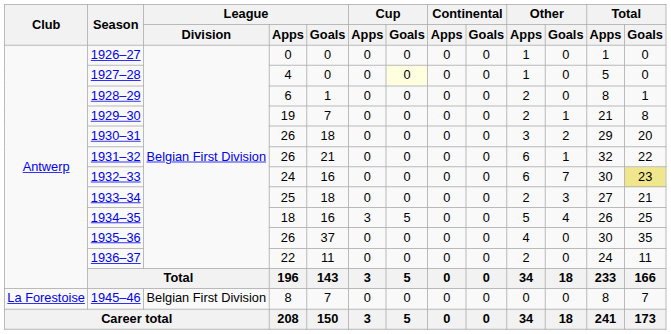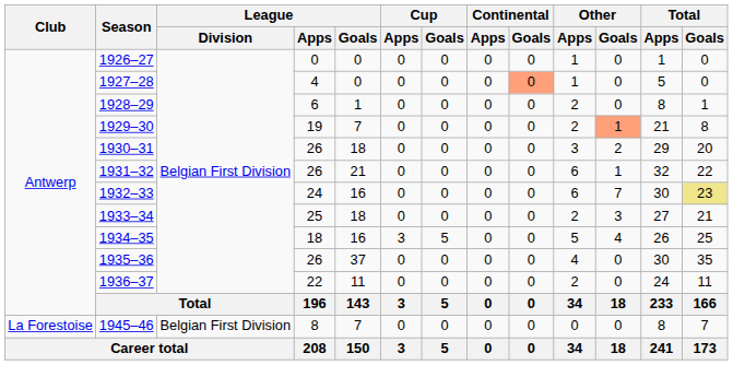 <table class="wikitable" style="text-align:center">
 <tr>
 <th rowspan="2">Club</th>
 <th rowspan="2">Season</th>
 <th colspan="3">League</th>
 <th colspan="2">Cup</th>
 <th colspan="2">Continental</th>
 <th colspan="2">Other</th>
 <th colspan="2">Total</th>
 </tr>
 <tr>
 <th>Division</th>
 <th>Apps</th>
 <th>Goals</th>
 <th>Apps</th>
 <th>Goals</th>
 <th>Apps</th>
 <th>Goals</th>
 <th>Apps</th>
 <th>Goals</th>
 <th>Apps</th>
 <th>Goals</th>
 </tr>
 <tr>
 <td rowspan=12 align=center><a href='#'>Antwerp</a></td>
 <td><a href='#'>1926–27</a></td>
 <td rowspan=11><a href='#'>Belgian First Division</a></td>
 <td>0</td>
 <td>0</td>
 <td>0</td>
 <td>0</td>
 <td>0</td>
 <td>0</td>
 <td>1</td>
 <td>0</td>
 <td>1</td>
 <td>0</td>
 </tr>
 <tr>
 <td><a href='#'>1927–28</a></td>
 <td>4</td>
 <td>0</td>
 <td>0</td>
-<td style="background: lightyellow;">0</td>
 <td>0</td>
 <td>0</td>
+<td style="background: lightsalmon;">0</td>
 <td>1</td>
 <td>0</td>
 <td>5</td>
 <td>0</td>
 </tr>
 <tr>
 <td><a href='#'>1928–29</a></td>
 <td>6</td>
 <td>1</td>
 <td>0</td>
 <td>0</td>
 <td>0</td>
 <td>0</td>
 <td>2</td>
 <td>0</td>
 <td>8</td>
 <td>1</td>
 </tr>
 <tr>
 <td><a href='#'>1929–30</a></td>
 <td>19</td>
 <td>7</td>
 <td>0</td>
 <td>0</td>
 <td>0</td>
 <td>0</td>
 <td>2</td>
-<td>1</td>
+<td style="background: lightsalmon;">1</td>
 <td>21</td>
 <td>8</td>
 </tr>
 <tr>
 <td><a href='#'>1930–31</a></td>
 <td>26</td>
 <td>18</td>
 <td>0</td>
 <td>0</td>
 <td>0</td>
 <td>0</td>
 <td>3</td>
 <td>2</td>
 <td>29</td>
 <td>20</td>
 </tr>
 <tr>
 <td><a href='#'>1931–32</a></td>
 <td>26</td>
 <td>21</td>
 <td>0</td>
 <td>0</td>
 <td>0</td>
 <td>0</td>
 <td>6</td>
 <td>1</td>
 <td>32</td>
 <td>22</td>
 </tr>
 <tr>
 <td align=center><a href='#'>1932–33</a></td>
 <td>24</td>
 <td>16</td>
 <td>0</td>
 <td>0</td>
 <td>0</td>
 <td>0</td>
 <td>6</td>
 <td>7</td>
 <td>30</td>
 <td style="background: khaki;">23</td>
 </tr>
 <tr>
 <td><a href='#'>1933–34</a></td>
 <td>25</td>
 <td>18</td>
 <td>0</td>
 <td>0</td>
 <td>0</td>
 <td>0</td>
 <td>2</td>
 <td>3</td>
 <td>27</td>
 <td>21</td>
 </tr>
 <tr>
 <td><a href='#'>1934–35</a></td>
 <td>18</td>
 <td>16</td>
 <td>3</td>
 <td>5</td>
 <td>0</td>
 <td>0</td>
 <td>5</td>
 <td>4</td>
 <td>26</td>
 <td>25</td>
 </tr>
 <tr>
 <td><a href='#'>1935–36</a></td>
 <td>26</td>
 <td>37</td>
 <td>0</td>
 <td>0</td>
 <td>0</td>
 <td>0</td>
 <td>4</td>
 <td>0</td>
 <td>30</td>
 <td>35</td>
 </tr>
 <tr>
 <td><a href='#'>1936–37</a></td>
 <td>22</td>
 <td>11</td>
 <td>0</td>
 <td>0</td>
 <td>0</td>
 <td>0</td>
 <td>2</td>
 <td>0</td>
 <td>24</td>
 <td>11</td>
 </tr>
 <tr>
 <th colspan=2>Total</th>
 <th>196</th>
 <th>143</th>
 <th>3</th>
 <th>5</th>
 <th>0</th>
 <th>0</th>
 <th>34</th>
 <th>18</th>
 <th>233</th>
 <th>166</th>
 </tr>
 <tr>
 <td align=center><a href='#'>La Forestoise</a></td>
 <td><a href='#'>1945–46</a></td>
 <td>Belgian First Division</td>
 <td>8</td>
 <td>7</td>
 <td>0</td>
 <td>0</td>
 <td>0</td>
 <td>0</td>
 <td>0</td>
 <td>0</td>
 <td>8</td>
 <td>7</td>
 </tr>
 <tr>
 <th colspan=3>Career total</th>
 <th>208</th>
 <th>150</th>
 <th>3</th>
 <th>5</th>
 <th>0</th>
 <th>0</th>
 <th>34</th>
 <th>18</th>
 <th>241</th>
 <th>173</th>
 </tr>
 </table>
